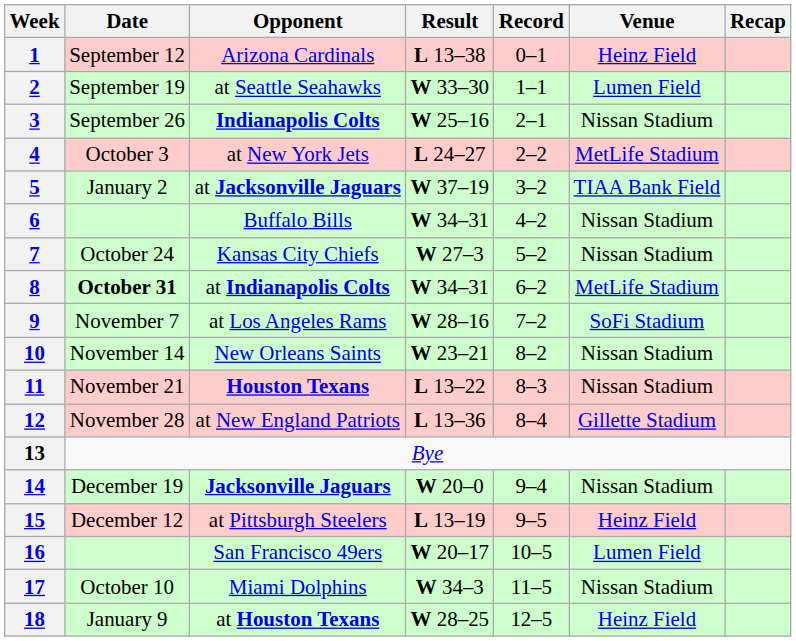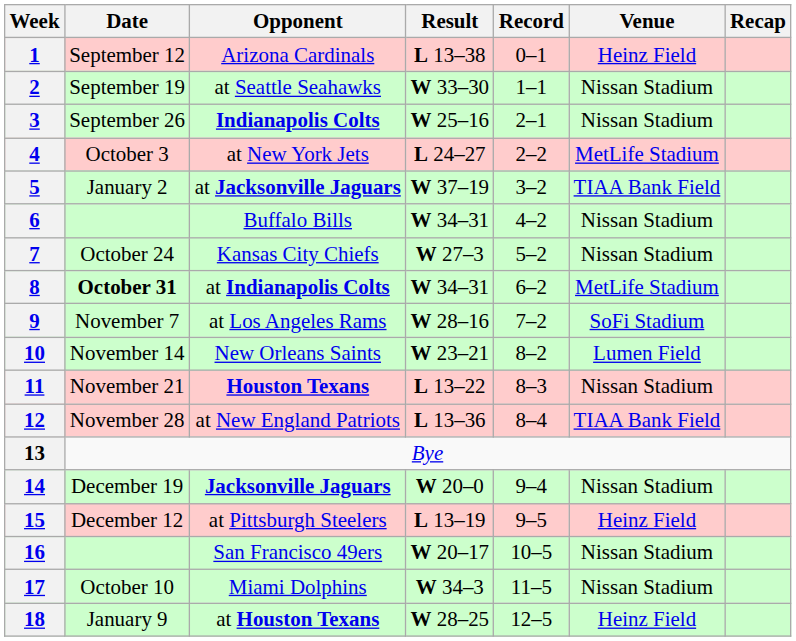 <table class="wikitable" style="text-align:center">
 <tr>
 <th>Week</th>
 <th>Date</th>
 <th>Opponent</th>
 <th>Result</th>
 <th>Record</th>
 <th>Venue</th>
 <th>Recap</th>
 </tr>
 <tr style="background:#fcc">
 <th><a href='#'>1</a></th>
 <td>September 12</td>
 <td><a href='#'>Arizona Cardinals</a></td>
 <td><strong>L</strong> 13–38</td>
 <td>0–1</td>
 <td><a href='#'>Heinz Field</a></td>
 <td></td>
 </tr>
 <tr style="background:#cfc">
 <th><a href='#'>2</a></th>
 <td>September 19</td>
 <td>at <a href='#'>Seattle Seahawks</a></td>
 <td><strong>W</strong> 33–30 </td>
 <td>1–1</td>
-<td><a href='#'>Lumen Field</a></td>
+<td>Nissan Stadium</td>
 <td></td>
 </tr>
 <tr style="background:#cfc">
 <th><a href='#'>3</a></th>
 <td>September 26</td>
 <td><strong><a href='#'>Indianapolis Colts</a></strong></td>
 <td><strong>W</strong> 25–16</td>
 <td>2–1</td>
 <td>Nissan Stadium</td>
 <td></td>
 </tr>
 <tr style="background:#fcc">
 <th><a href='#'>4</a></th>
 <td>October 3</td>
 <td>at <a href='#'>New York Jets</a></td>
 <td><strong>L</strong> 24–27 </td>
 <td>2–2</td>
 <td><a href='#'>MetLife Stadium</a></td>
 <td></td>
 </tr>
 <tr style="background:#cfc">
 <th><a href='#'>5</a></th>
 <td>January 2</td>
 <td>at <strong><a href='#'>Jacksonville Jaguars</a></strong></td>
 <td><strong>W</strong> 37–19</td>
 <td>3–2</td>
 <td><a href='#'>TIAA Bank Field</a></td>
 <td></td>
 </tr>
 <tr style="background:#cfc">
 <th><a href='#'>6</a></th>
 <td></td>
 <td><a href='#'>Buffalo Bills</a></td>
 <td><strong>W</strong> 34–31</td>
 <td>4–2</td>
 <td>Nissan Stadium</td>
 <td></td>
 </tr>
 <tr style="background:#cfc">
 <th><a href='#'>7</a></th>
 <td>October 24</td>
 <td><a href='#'>Kansas City Chiefs</a></td>
 <td><strong>W</strong> 27–3</td>
 <td>5–2</td>
 <td>Nissan Stadium</td>
 <td></td>
 </tr>
 <tr style="background:#cfc">
 <th><a href='#'>8</a></th>
 <td><strong>October 31</strong></td>
 <td>at <strong><a href='#'>Indianapolis Colts</a></strong></td>
 <td><strong>W</strong> 34–31 </td>
 <td>6–2</td>
 <td><a href='#'>MetLife Stadium</a></td>
 <td></td>
 </tr>
 <tr style="background:#cfc">
 <th><a href='#'>9</a></th>
 <td>November 7</td>
 <td>at <a href='#'>Los Angeles Rams</a></td>
 <td><strong>W</strong> 28–16</td>
 <td>7–2</td>
 <td><a href='#'>SoFi Stadium</a></td>
 <td></td>
 </tr>
 <tr style="background:#cfc">
 <th><a href='#'>10</a></th>
 <td>November 14</td>
 <td><a href='#'>New Orleans Saints</a></td>
 <td><strong>W</strong> 23–21</td>
 <td>8–2</td>
-<td>Nissan Stadium</td>
+<td><a href='#'>Lumen Field</a></td>
 <td></td>
 </tr>
 <tr style="background:#fcc">
 <th><a href='#'>11</a></th>
 <td>November 21</td>
 <td><strong><a href='#'>Houston Texans</a></strong></td>
 <td><strong>L</strong> 13–22</td>
 <td>8–3</td>
 <td>Nissan Stadium</td>
 <td></td>
 </tr>
 <tr style="background:#fcc">
 <th><a href='#'>12</a></th>
 <td>November 28</td>
 <td>at <a href='#'>New England Patriots</a></td>
 <td><strong>L</strong> 13–36</td>
 <td>8–4</td>
-<td><a href='#'>Gillette Stadium</a></td>
+<td><a href='#'>TIAA Bank Field</a></td>
 <td></td>
 </tr>
 <tr>
 <th>13</th>
 <td colspan="6"><em><a href='#'>Bye</a></em></td>
 </tr>
 <tr style="background:#cfc">
 <th><a href='#'>14</a></th>
 <td>December 19</td>
 <td><strong><a href='#'>Jacksonville Jaguars</a></strong></td>
 <td><strong>W</strong> 20–0</td>
 <td>9–4</td>
 <td>Nissan Stadium</td>
 <td></td>
 </tr>
 <tr style="background:#fcc">
 <th><a href='#'>15</a></th>
 <td>December 12</td>
 <td>at <a href='#'>Pittsburgh Steelers</a></td>
 <td><strong>L</strong> 13–19</td>
 <td>9–5</td>
 <td><a href='#'>Heinz Field</a></td>
 <td></td>
 </tr>
 <tr style="background:#cfc">
 <th><a href='#'>16</a></th>
 <td></td>
 <td><a href='#'>San Francisco 49ers</a></td>
 <td><strong>W</strong> 20–17</td>
 <td>10–5</td>
-<td><a href='#'>Lumen Field</a></td>
+<td>Nissan Stadium</td>
 <td></td>
 </tr>
 <tr style="background:#cfc">
 <th><a href='#'>17</a></th>
 <td>October 10</td>
 <td><a href='#'>Miami Dolphins</a></td>
 <td><strong>W</strong> 34–3</td>
 <td>11–5</td>
 <td>Nissan Stadium</td>
 <td></td>
 </tr>
 <tr style="background:#cfc">
 <th><a href='#'>18</a></th>
 <td>January 9</td>
 <td>at <strong><a href='#'>Houston Texans</a></strong></td>
 <td><strong>W</strong> 28–25</td>
 <td>12–5</td>
 <td><a href='#'>Heinz Field</a></td>
 <td></td>
 </tr>
 </table>
